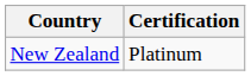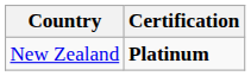 <table class="wikitable">
 <tr>
 <th>Country</th>
 <th>Certification</th>
 </tr>
 <tr>
 <td><a href='#'>New Zealand</a></td>
-<td>Platinum </td>
+<td><strong>Platinum </strong></td>
 </tr>
 </table>
